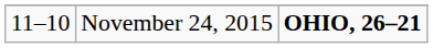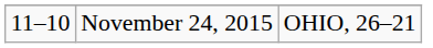 <table class="wikitable">
 <tr align="center">
 </tr>
 <tr align="center">
 <td>11–10</td>
 <td>November 24, 2015</td>
-<td><strong>OHIO, 26–21</strong></td>
+<td>OHIO, 26–21</td>
 </tr>
 </table>
